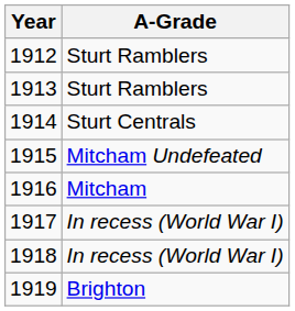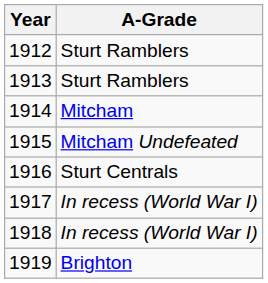 <table class="wikitable">
 <tr>
 <th>Year</th>
 <th>A-Grade</th>
 </tr>
 <tr>
 <td>1912</td>
 <td>Sturt Ramblers</td>
 </tr>
 <tr>
 <td>1913</td>
 <td>Sturt Ramblers</td>
 </tr>
 <tr>
 <td>1914</td>
-<td>Sturt Centrals</td>
+<td><a href='#'>Mitcham</a></td>
 </tr>
 <tr>
 <td>1915</td>
 <td><a href='#'>Mitcham</a> <em>Undefeated</em> </td>
 </tr>
 <tr>
 <td>1916</td>
-<td><a href='#'>Mitcham</a></td>
+<td>Sturt Centrals</td>
 </tr>
 <tr>
 <td>1917</td>
 <td><em>In recess (World War I)</em></td>
 </tr>
 <tr>
 <td>1918</td>
 <td><em>In recess (World War I)</em></td>
 </tr>
 <tr>
 <td>1919</td>
 <td><a href='#'>Brighton</a></td>
 </tr>
 </table>
